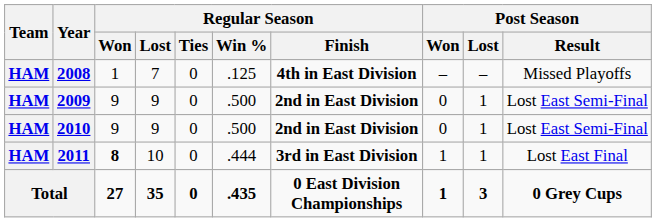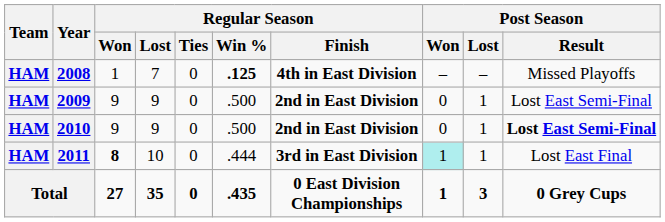 <table class="wikitable" style="font-size: 95%; text-align:center;">
 <tr>
 <th rowspan="2">Team</th>
 <th rowspan="2">Year</th>
 <th colspan="5">Regular Season</th>
 <th colspan="4">Post Season</th>
 </tr>
 <tr>
 <th>Won</th>
 <th>Lost</th>
 <th>Ties</th>
 <th>Win %</th>
 <th>Finish</th>
 <th>Won</th>
 <th>Lost</th>
 <th>Result</th>
 </tr>
 <tr>
 <th><a href='#'>HAM</a></th>
 <th><a href='#'>2008</a></th>
 <td>1</td>
 <td>7</td>
 <td>0</td>
-<td>.125</td>
+<td><strong>.125</strong></td>
 <td><strong>4th in East Division</strong></td>
 <td>–</td>
 <td>–</td>
 <td>Missed Playoffs</td>
 </tr>
 <tr>
 <th><a href='#'>HAM</a></th>
 <th><a href='#'>2009</a></th>
 <td>9</td>
 <td>9</td>
 <td>0</td>
 <td>.500</td>
 <td><strong>2nd in East Division</strong></td>
 <td>0</td>
 <td>1</td>
 <td>Lost <a href='#'>East Semi-Final</a></td>
 </tr>
 <tr>
 <th><a href='#'>HAM</a></th>
 <th><a href='#'>2010</a></th>
 <td>9</td>
 <td>9</td>
 <td>0</td>
 <td>.500</td>
 <td><strong>2nd in East Division</strong></td>
 <td>0</td>
 <td>1</td>
-<td>Lost <a href='#'>East Semi-Final</a></td>
+<td><strong>Lost <a href='#'>East Semi-Final</a></strong></td>
 </tr>
 <tr>
 <th><a href='#'>HAM</a></th>
 <th><a href='#'>2011</a></th>
 <td><strong>8</strong></td>
 <td>10</td>
 <td>0</td>
 <td>.444</td>
 <td><strong>3rd in East Division</strong></td>
-<td>1</td>
+<td style="background: paleturquoise;">1</td>
 <td>1</td>
 <td>Lost <a href='#'>East Final</a></td>
 </tr>
 <tr>
 <th colspan="2"><strong>Total</strong></th>
 <td><strong>27</strong></td>
 <td><strong>35</strong></td>
 <td><strong>0</strong></td>
 <td><strong>.435</strong></td>
 <td><strong>0 East Division<br>Championships</strong></td>
 <td><strong>1</strong></td>
 <td><strong>3</strong></td>
 <td><strong>0 Grey Cups</strong></td>
 </tr>
 </table>
